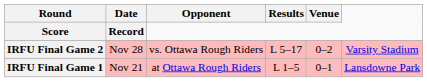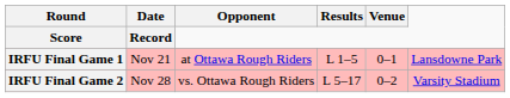 <table class="wikitable" style="text-align:center">
 <tr>
 <th>Round</th>
 <th>Date</th>
 <th>Opponent</th>
 <th>Results</th>
 <th>Venue</th>
 </tr>
 <tr>
 <th>Score</th>
 <th>Record</th>
 </tr>
 <tr style="background:#ffbbbb">
+<th>IRFU Final Game 1</th>
+<td>Nov 21</td>
+<td>at <a href='#'>Ottawa Rough Riders</a></td>
+<td>L 1–5</td>
+<td>0–1</td>
+<td><a href='#'>Lansdowne Park</a></td>
+</tr>
+<tr style="background:#ffbbbb">
 <th>IRFU Final Game 2</th>
 <td>Nov 28</td>
 <td>vs. Ottawa Rough Riders</td>
 <td>L 5–17</td>
 <td>0–2</td>
 <td><a href='#'>Varsity Stadium</a></td>
 </tr>
-<tr style="background:#ffbbbb">
-<th>IRFU Final Game 1</th>
-<td>Nov 21</td>
-<td>at <a href='#'>Ottawa Rough Riders</a></td>
-<td>L 1–5</td>
-<td>0–1</td>
-<td><a href='#'>Lansdowne Park</a></td>
-</tr>
 </table>
